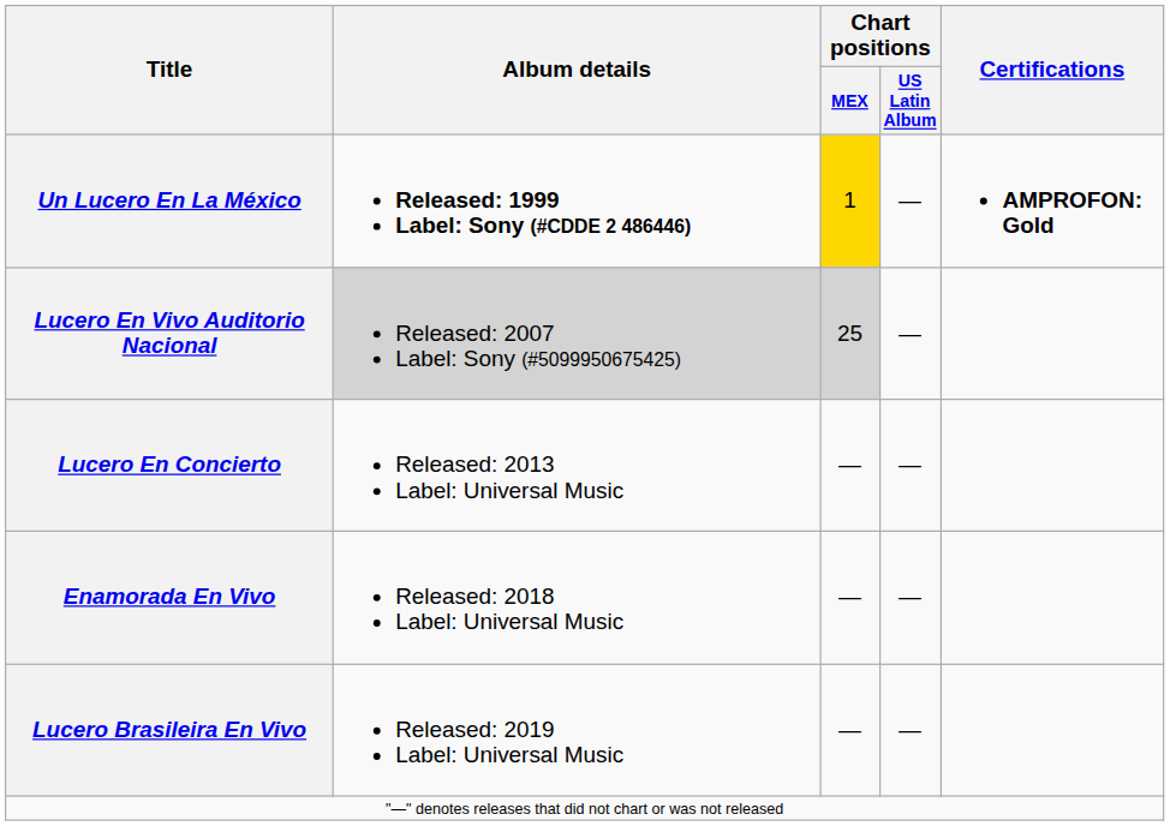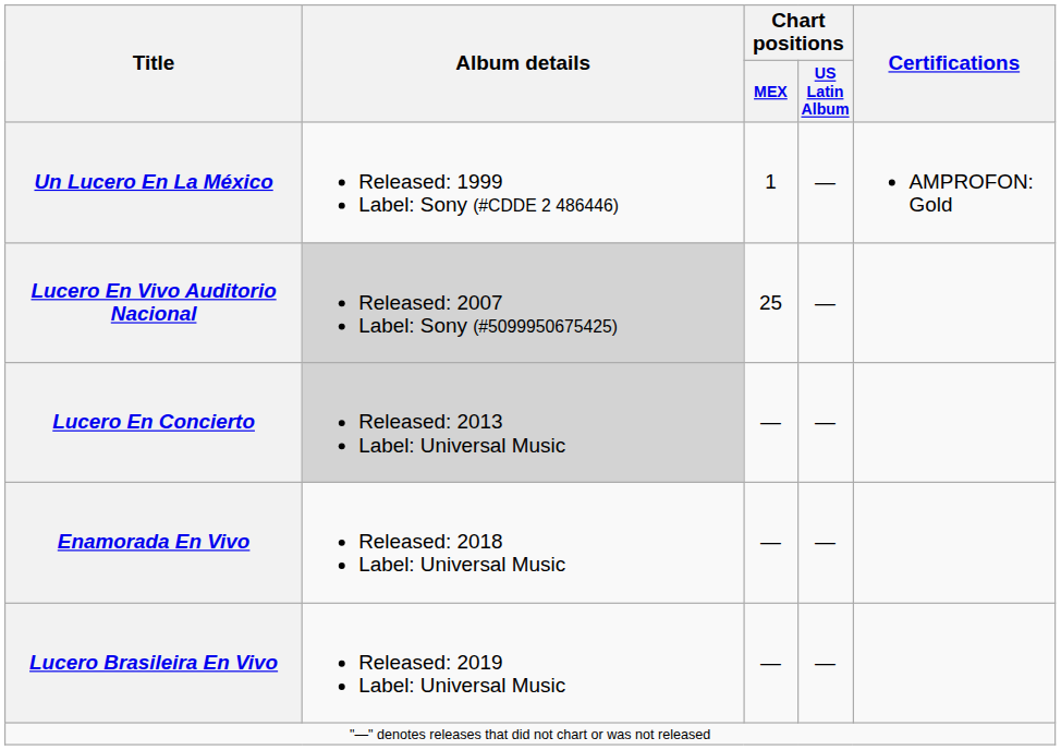 <table class="wikitable plainrowheaders" style="text-align:center;">
 <tr>
 <th rowspan="2" style="width:14em;">Title</th>
 <th rowspan="2" style="width:21em;">Album details</th>
 <th colspan="2">Chart positions</th>
 <th rowspan="2" style="width:150px;"><a href='#'>Certifications</a></th>
 </tr>
 <tr>
 <th style="width:3em;font-size:75%"><a href='#'>MEX</a><br></th>
 <th style="width:3em;font-size:75%;"><a href='#'>US Latin Album</a></th>
 </tr>
 <tr>
 <th scope="row" align="center"><em><a href='#'>Un Lucero En La México</a> </em></th>
-<td align="left"><strong><br><ul><li>Released: 1999</li><li>Label: Sony <small>(#CDDE 2 486446)</small></li></ul></strong></td>
-<td style="background: gold;">1</td>
+<td align="left"><br><ul><li>Released: 1999</li><li>Label: Sony <small>(#CDDE 2 486446)</small></li></ul></td>
+<td>1</td>
 <td>—</td>
-<td align=left><strong><br><ul><li>AMPROFON: Gold</li></ul></strong></td>
+<td align=left><br><ul><li>AMPROFON: Gold</li></ul></td>
 </tr>
 <tr>
 <th scope="row" align="center"><em><a href='#'>Lucero En Vivo Auditorio Nacional</a> </em></th>
 <td align="left" style="background: lightgrey;"><br><ul><li>Released: 2007</li><li>Label: Sony <small>(#5099950675425)</small></li></ul></td>
-<td style="background: lightgrey;">25</td>
+<td>25</td>
 <td>—</td>
 <td align=left></td>
 </tr>
 <tr>
 <th scope="row" align="center"><em><a href='#'>Lucero En Concierto</a> </em></th>
-<td align="left"><br><ul><li>Released: 2013</li><li>Label: Universal Music</li></ul></td>
+<td align="left" style="background: lightgrey;"><br><ul><li>Released: 2013</li><li>Label: Universal Music</li></ul></td>
 <td>—</td>
 <td>—</td>
 <td align=left></td>
 </tr>
 <tr>
 <th scope="row" align="center"><em><a href='#'>Enamorada En Vivo</a> </em></th>
 <td align="left"><br><ul><li>Released: 2018</li><li>Label: Universal Music</li></ul></td>
 <td>—</td>
 <td>—</td>
 <td align=left></td>
 </tr>
 <tr>
 <th scope="row" align="center"><em><a href='#'>Lucero Brasileira En Vivo</a> </em></th>
 <td align="left"><br><ul><li>Released: 2019</li><li>Label: Universal Music</li></ul></td>
 <td>—</td>
 <td>—</td>
 <td align=left></td>
 </tr>
 <tr>
 <td colspan="8" style="text-align:center; font-size:8pt;">"—" denotes releases that did not chart or was not released</td>
 </tr>
 </table>
